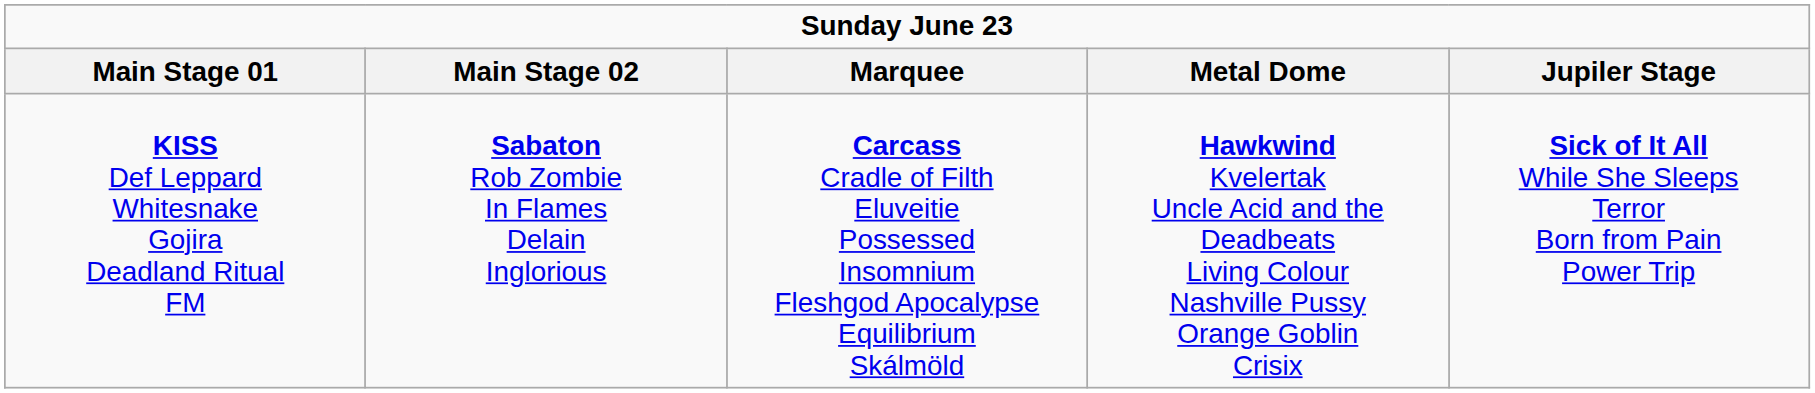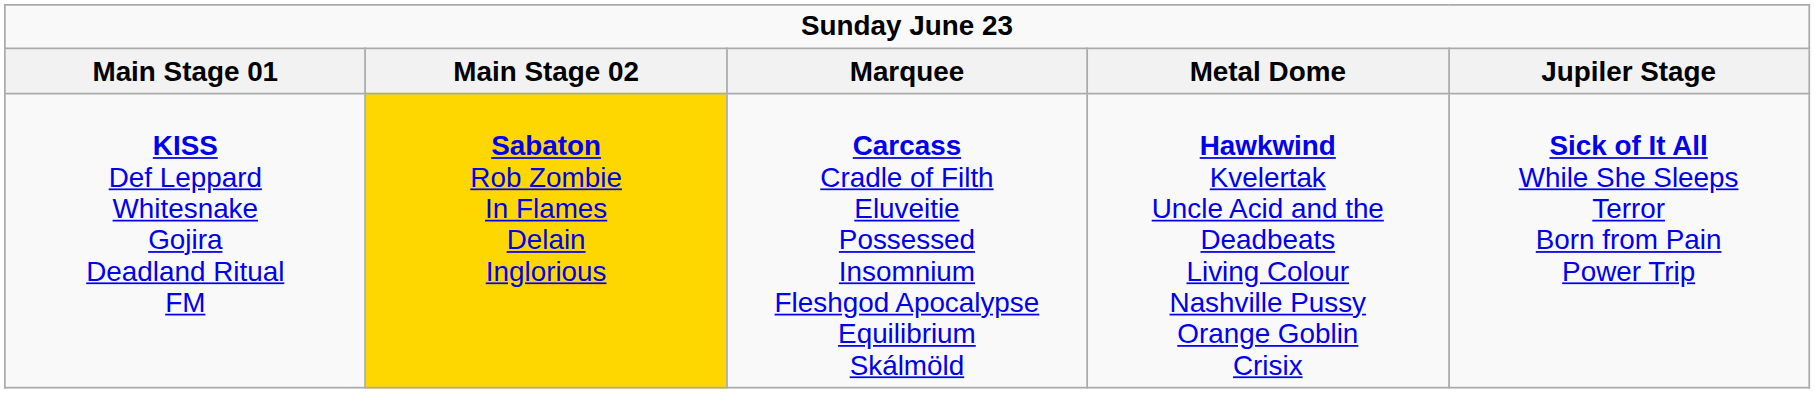 <table class="wikitable">
 <tr>
 <td colspan="5" style="text-align:center;"><strong>Sunday June 23</strong></td>
 </tr>
 <tr>
 <th>Main Stage 01</th>
 <th>Main Stage 02</th>
 <th>Marquee</th>
 <th>Metal Dome</th>
 <th>Jupiler Stage</th>
 </tr>
 <tr>
 <td style="text-align:center; vertical-align:top; width:200px;"><br><strong><a href='#'>KISS</a></strong> <br> <a href='#'>Def Leppard</a> <br> <a href='#'>Whitesnake</a> <br> <a href='#'>Gojira</a> <br> <a href='#'>Deadland Ritual</a> <br> <a href='#'>FM</a> <br></td>
-<td style="text-align:center; vertical-align:top; width:200px;"><br><strong><a href='#'>Sabaton</a></strong> <br> <a href='#'>Rob Zombie</a> <br> <a href='#'>In Flames</a> <br> <a href='#'>Delain</a> <br> <a href='#'>Inglorious</a> <br></td>
+<td style="background: gold; text-align:center; vertical-align:top; width:200px;"><br><strong><a href='#'>Sabaton</a></strong> <br> <a href='#'>Rob Zombie</a> <br> <a href='#'>In Flames</a> <br> <a href='#'>Delain</a> <br> <a href='#'>Inglorious</a> <br></td>
 <td style="text-align:center; vertical-align:top; width:200px;"><br><strong><a href='#'>Carcass</a></strong> <br> <a href='#'>Cradle of Filth</a> <br> <a href='#'>Eluveitie</a> <br> <a href='#'>Possessed</a> <br> <a href='#'>Insomnium</a> <br> <a href='#'>Fleshgod Apocalypse</a> <br> <a href='#'>Equilibrium</a> <br> <a href='#'>Skálmöld</a> <br></td>
 <td style="text-align:center; vertical-align:top; width:200px;"><br><strong><a href='#'>Hawkwind</a></strong> <br> <a href='#'>Kvelertak</a> <br> <a href='#'>Uncle Acid and the Deadbeats</a> <br> <a href='#'>Living Colour</a> <br> <a href='#'>Nashville Pussy</a> <br> <a href='#'>Orange Goblin</a> <br> <a href='#'>Crisix</a> <br></td>
 <td style="text-align:center; vertical-align:top; width:200px;"><br><strong><a href='#'>Sick of It All</a></strong> <br> <a href='#'>While She Sleeps</a> <br> <a href='#'>Terror</a> <br> <a href='#'>Born from Pain</a> <br> <a href='#'>Power Trip</a> <br></td>
 </tr>
 </table>
